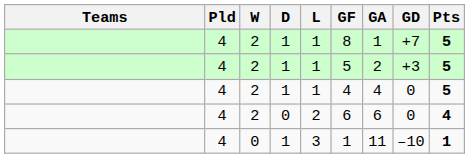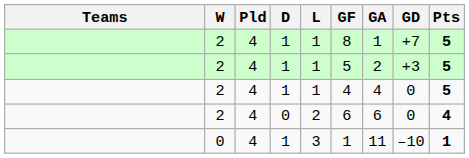 <table class="wikitable" style="text-align: center;">
 <tr>
 <th width=165>Teams</th>
+<th width=20>W</th>
 <th width=20>Pld</th>
-<th width=20>W</th>
 <th width=20>D</th>
 <th width=20>L</th>
 <th width=20>GF</th>
 <th width=20>GA</th>
 <th width=25>GD</th>
 <th width=20>Pts</th>
 </tr>
 <tr align=center style="background:#ccffcc;">
 <td style="text-align:left;"></td>
+<td>2</td>
 <td>4</td>
-<td>2</td>
 <td>1</td>
 <td>1</td>
 <td>8</td>
 <td>1</td>
 <td>+7</td>
 <td><strong>5</strong></td>
 </tr>
 <tr align=center style="background:#ccffcc;">
 <td style="text-align:left;"></td>
+<td>2</td>
 <td>4</td>
-<td>2</td>
 <td>1</td>
 <td>1</td>
 <td>5</td>
 <td>2</td>
 <td>+3</td>
 <td><strong>5</strong></td>
 </tr>
 <tr align=center>
 <td style="text-align:left;"></td>
+<td>2</td>
 <td>4</td>
-<td>2</td>
 <td>1</td>
 <td>1</td>
 <td>4</td>
 <td>4</td>
 <td>0</td>
 <td><strong>5</strong></td>
 </tr>
 <tr align=center>
 <td style="text-align:left;"></td>
+<td>2</td>
 <td>4</td>
-<td>2</td>
 <td>0</td>
 <td>2</td>
 <td>6</td>
 <td>6</td>
 <td>0</td>
 <td><strong>4</strong></td>
 </tr>
 <tr align=center>
 <td style="text-align:left;"></td>
+<td>0</td>
 <td>4</td>
-<td>0</td>
 <td>1</td>
 <td>3</td>
 <td>1</td>
 <td>11</td>
 <td>–10</td>
 <td><strong>1</strong></td>
 </tr>
 </table>
